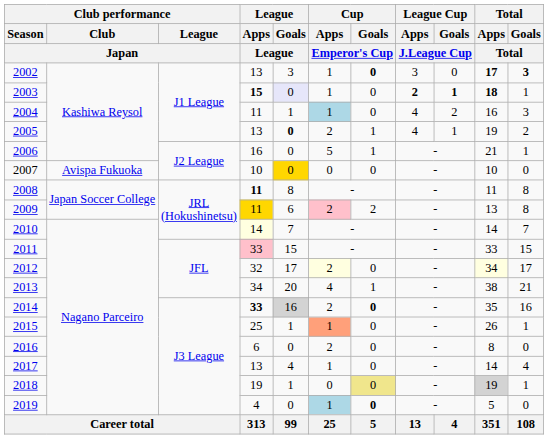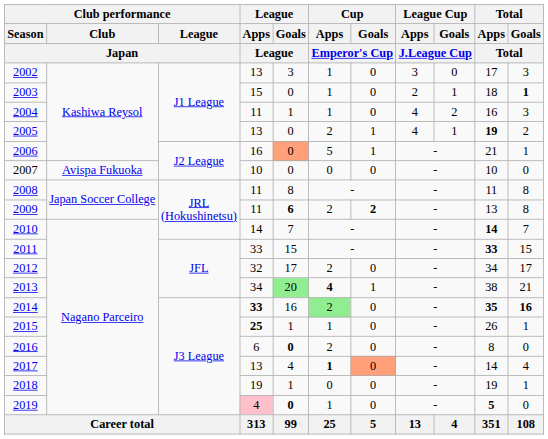 <table class="wikitable" style="text-align:center">
 <tr>
 <th colspan=3>Club performance</th>
 <th colspan=2>League</th>
 <th colspan=2>Cup</th>
 <th colspan=2>League Cup</th>
 <th colspan=2>Total</th>
 </tr>
 <tr>
 <th>Season</th>
 <th>Club</th>
 <th>League</th>
 <th>Apps</th>
 <th>Goals</th>
 <th>Apps</th>
 <th>Goals</th>
 <th>Apps</th>
 <th>Goals</th>
 <th>Apps</th>
 <th>Goals</th>
 </tr>
 <tr>
 <th colspan=3>Japan</th>
 <th colspan=2>League</th>
 <th colspan=2><a href='#'>Emperor's Cup</a></th>
 <th colspan=2><a href='#'>J.League Cup</a></th>
 <th colspan=2>Total</th>
 </tr>
 <tr>
 <td><a href='#'>2002</a></td>
 <td rowspan="5"><a href='#'>Kashiwa Reysol</a></td>
 <td rowspan="4"><a href='#'>J1 League</a></td>
 <td>13</td>
 <td>3</td>
 <td>1</td>
-<td><strong>0</strong></td>
+<td>0</td>
 <td>3</td>
 <td>0</td>
-<td><strong>17</strong></td>
-<td><strong>3</strong></td>
+<td>17</td>
+<td>3</td>
 </tr>
 <tr>
 <td><a href='#'>2003</a></td>
-<td><strong>15</strong></td>
-<td style="background: lavender;">0</td>
+<td>15</td>
+<td>0</td>
 <td>1</td>
 <td>0</td>
-<td><strong>2</strong></td>
+<td>2</td>
+<td>1</td>
+<td>18</td>
 <td><strong>1</strong></td>
-<td><strong>18</strong></td>
-<td>1</td>
 </tr>
 <tr>
 <td><a href='#'>2004</a></td>
 <td>11</td>
 <td>1</td>
-<td style="background: lightblue;">1</td>
+<td>1</td>
 <td>0</td>
 <td>4</td>
 <td>2</td>
 <td>16</td>
 <td>3</td>
 </tr>
 <tr>
 <td><a href='#'>2005</a></td>
 <td>13</td>
-<td><strong>0</strong></td>
+<td>0</td>
 <td>2</td>
 <td>1</td>
 <td>4</td>
 <td>1</td>
-<td>19</td>
+<td><strong>19</strong></td>
 <td>2</td>
 </tr>
 <tr>
 <td><a href='#'>2006</a></td>
 <td rowspan="2"><a href='#'>J2 League</a></td>
 <td>16</td>
-<td>0</td>
+<td style="background: lightsalmon;">0</td>
 <td>5</td>
 <td>1</td>
 <td colspan="2">-</td>
 <td>21</td>
 <td>1</td>
 </tr>
 <tr>
 <td>2007</td>
 <td><a href='#'>Avispa Fukuoka</a></td>
 <td>10</td>
-<td style="background: gold;">0</td>
+<td>0</td>
 <td>0</td>
 <td>0</td>
 <td colspan="2">-</td>
 <td>10</td>
 <td>0</td>
 </tr>
 <tr>
 <td><a href='#'>2008</a></td>
 <td rowspan="2"><a href='#'>Japan Soccer College</a></td>
 <td rowspan="3"><a href='#'>JRL<br>(Hokushinetsu)</a></td>
-<td><strong>11</strong></td>
+<td>11</td>
 <td>8</td>
 <td colspan="2">-</td>
 <td colspan="2">-</td>
 <td>11</td>
 <td>8</td>
 </tr>
 <tr>
 <td><a href='#'>2009</a></td>
-<td style="background: gold;">11</td>
-<td>6</td>
-<td style="background: pink;">2</td>
+<td>11</td>
+<td><strong>6</strong></td>
 <td>2</td>
+<td><strong>2</strong></td>
 <td colspan="2">-</td>
 <td>13</td>
 <td>8</td>
 </tr>
 <tr>
 <td><a href='#'>2010</a></td>
 <td rowspan="10"><a href='#'>Nagano Parceiro</a></td>
-<td style="background: lightyellow;">14</td>
+<td>14</td>
 <td>7</td>
 <td colspan="2">-</td>
 <td colspan="2">-</td>
-<td>14</td>
+<td><strong>14</strong></td>
 <td>7</td>
 </tr>
 <tr>
 <td><a href='#'>2011</a></td>
 <td rowspan="3"><a href='#'>JFL</a></td>
-<td style="background: pink;">33</td>
+<td>33</td>
 <td>15</td>
 <td colspan="2">-</td>
 <td colspan="2">-</td>
-<td>33</td>
+<td><strong>33</strong></td>
 <td>15</td>
 </tr>
 <tr>
 <td><a href='#'>2012</a></td>
 <td>32</td>
 <td>17</td>
-<td style="background: lightyellow;">2</td>
+<td>2</td>
 <td>0</td>
 <td colspan="2">-</td>
-<td style="background: lightyellow;">34</td>
+<td>34</td>
 <td>17</td>
 </tr>
 <tr>
 <td><a href='#'>2013</a></td>
 <td>34</td>
-<td>20</td>
-<td>4</td>
+<td style="background: lightgreen;">20</td>
+<td><strong>4</strong></td>
 <td>1</td>
 <td colspan="2">-</td>
 <td>38</td>
 <td>21</td>
 </tr>
 <tr>
 <td><a href='#'>2014</a></td>
 <td rowspan="6"><a href='#'>J3 League</a></td>
 <td><strong>33</strong></td>
-<td style="background: lightgrey;">16</td>
-<td>2</td>
-<td><strong>0</strong></td>
+<td>16</td>
+<td style="background: lightgreen;">2</td>
+<td>0</td>
 <td colspan="2">-</td>
-<td>35</td>
-<td>16</td>
+<td><strong>35</strong></td>
+<td><strong>16</strong></td>
 </tr>
 <tr>
 <td><a href='#'>2015</a></td>
-<td>25</td>
+<td><strong>25</strong></td>
 <td>1</td>
-<td style="background: lightsalmon;">1</td>
+<td>1</td>
 <td>0</td>
 <td colspan="2">-</td>
 <td>26</td>
 <td>1</td>
 </tr>
 <tr>
 <td><a href='#'>2016</a></td>
 <td>6</td>
-<td>0</td>
+<td><strong>0</strong></td>
 <td>2</td>
 <td>0</td>
 <td colspan="2">-</td>
 <td>8</td>
 <td>0</td>
 </tr>
 <tr>
 <td><a href='#'>2017</a></td>
 <td>13</td>
 <td>4</td>
-<td>1</td>
-<td>0</td>
+<td><strong>1</strong></td>
+<td style="background: lightsalmon;">0</td>
 <td colspan="2">-</td>
 <td>14</td>
 <td>4</td>
 </tr>
 <tr>
 <td><a href='#'>2018</a></td>
 <td>19</td>
 <td>1</td>
 <td>0</td>
-<td style="background: khaki;">0</td>
+<td>0</td>
 <td colspan="2">-</td>
-<td style="background: lightgrey;">19</td>
+<td>19</td>
 <td>1</td>
 </tr>
 <tr>
 <td><a href='#'>2019</a></td>
-<td>4</td>
+<td style="background: pink;">4</td>
+<td><strong>0</strong></td>
+<td>1</td>
 <td>0</td>
-<td style="background: lightblue;">1</td>
-<td><strong>0</strong></td>
 <td colspan="2">-</td>
-<td>5</td>
+<td><strong>5</strong></td>
 <td>0</td>
 </tr>
 <tr>
 <th colspan=3>Career total</th>
 <th>313</th>
 <th>99</th>
 <th>25</th>
 <th>5</th>
 <th>13</th>
 <th>4</th>
 <th>351</th>
 <th>108</th>
 </tr>
 </table>
